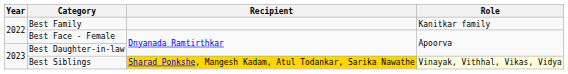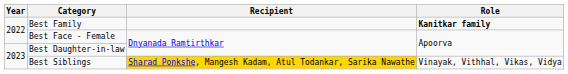 <table class="wikitable">
 <tr>
 <th>Year</th>
 <th>Category</th>
 <th>Recipient</th>
 <th>Role</th>
 </tr>
 <tr>
 <td rowspan="2">2022</td>
 <td>Best Family</td>
 <td></td>
-<td>Kanitkar family</td>
+<td><strong>Kanitkar family</strong></td>
 </tr>
 <tr>
 <td>Best Face - Female</td>
 <td rowspan="2"><a href='#'>Dnyanada Ramtirthkar</a></td>
 <td rowspan="2">Apoorva</td>
 </tr>
 <tr>
 <td rowspan="2">2023</td>
 <td>Best Daughter-in-law</td>
 </tr>
 <tr>
 <td>Best Siblings</td>
 <td style="background: gold;"><a href='#'>Sharad Ponkshe</a>, Mangesh Kadam, Atul Todankar, Sarika Nawathe</td>
-<td style="background: lightyellow;">Vinayak, Vithhal, Vikas, Vidya</td>
+<td>Vinayak, Vithhal, Vikas, Vidya</td>
 </tr>
 </table>
